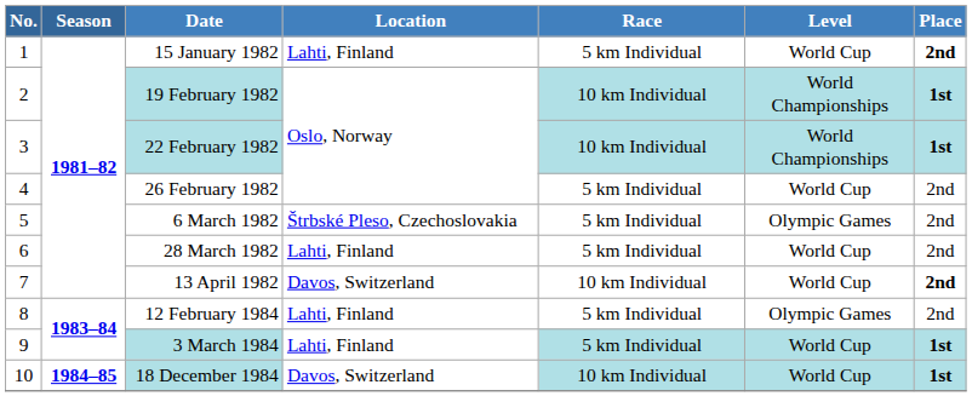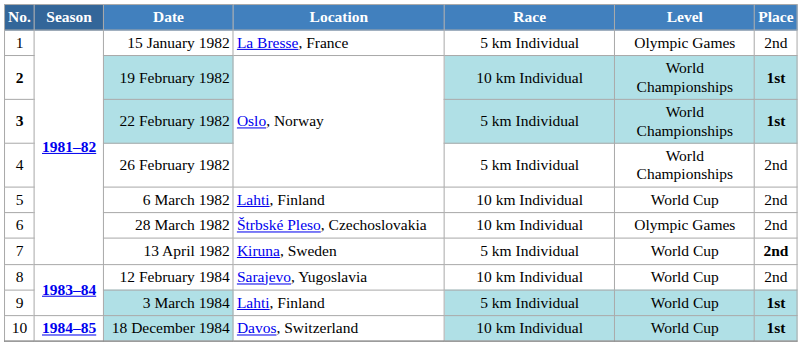 <table class="wikitable sortable" style="font-size:95%; text-align:center; border:grey solid 1px; border-collapse:collapse; background:#ffffff;">
 <tr style="background:#efefef;">
 <th style="background-color:#369; color:white;">No.</th>
 <th style="background-color:#369; color:white;">Season</th>
 <th style="background-color:#4180be; color:white; width:120px;">Date</th>
 <th style="background-color:#4180be; color:white; width:200px;">Location</th>
 <th style="background-color:#4180be; color:white; width:160px;">Race</th>
 <th style="background-color:#4180be; color:white; width:130px;">Level</th>
 <th style="background-color:#4180be; color:white;">Place</th>
 </tr>
 <tr>
 <td align=center>1</td>
 <td rowspan=7 align=center><strong> <a href='#'>1981–82</a> </strong></td>
 <td align=right>15 January 1982</td>
-<td align=left> <a href='#'>Lahti</a>, Finland</td>
+<td align=left> <a href='#'>La Bresse</a>, France</td>
 <td>5 km Individual</td>
-<td>World Cup</td>
-<td><strong>2nd</strong></td>
+<td>Olympic Games</td>
+<td>2nd</td>
 </tr>
 <tr>
-<td align=center>2</td>
+<td align=center><strong>2</strong></td>
 <td bgcolor="#BOEOE6" align=right>19 February 1982</td>
 <td rowspan=3 align=left> <a href='#'>Oslo</a>, Norway</td>
 <td bgcolor="#BOEOE6">10 km Individual</td>
 <td bgcolor="#BOEOE6">World Championships</td>
 <td bgcolor="#BOEOE6"><strong>1st</strong></td>
 </tr>
 <tr>
-<td align=center>3</td>
+<td align=center><strong>3</strong></td>
 <td bgcolor="#BOEOE6" align=right>22 February 1982</td>
-<td bgcolor="#BOEOE6">10 km Individual</td>
+<td bgcolor="#BOEOE6">5 km Individual</td>
 <td bgcolor="#BOEOE6">World Championships</td>
 <td bgcolor="#BOEOE6"><strong>1st</strong></td>
 </tr>
 <tr>
 <td align=center>4</td>
 <td align=right>26 February 1982</td>
 <td>5 km Individual</td>
-<td>World Cup</td>
+<td>World Championships</td>
 <td>2nd</td>
 </tr>
 <tr>
 <td align=center>5</td>
 <td align=right>6 March 1982</td>
-<td align=left> <a href='#'>Štrbské Pleso</a>, Czechoslovakia</td>
-<td>5 km Individual</td>
-<td>Olympic Games</td>
+<td align=left> <a href='#'>Lahti</a>, Finland</td>
+<td>10 km Individual</td>
+<td>World Cup</td>
 <td>2nd</td>
 </tr>
 <tr>
 <td align=center>6</td>
 <td align=right>28 March 1982</td>
-<td align=left> <a href='#'>Lahti</a>, Finland</td>
-<td>5 km Individual</td>
-<td>World Cup</td>
+<td align=left> <a href='#'>Štrbské Pleso</a>, Czechoslovakia</td>
+<td>10 km Individual</td>
+<td>Olympic Games</td>
 <td>2nd</td>
 </tr>
 <tr>
 <td align=center>7</td>
 <td align=right>13 April 1982</td>
-<td align=left> <a href='#'>Davos</a>, Switzerland</td>
-<td>10 km Individual</td>
+<td align=left> <a href='#'>Kiruna</a>, Sweden</td>
+<td>5 km Individual</td>
 <td>World Cup</td>
 <td><strong>2nd</strong></td>
 </tr>
 <tr>
 <td align=center>8</td>
 <td rowspan=2 align=center><strong> <a href='#'>1983–84</a> </strong></td>
 <td align=right>12 February 1984</td>
-<td align=left> <a href='#'>Lahti</a>, Finland</td>
-<td>5 km Individual</td>
-<td>Olympic Games</td>
+<td align=left> <a href='#'>Sarajevo</a>, Yugoslavia</td>
+<td>10 km Individual</td>
+<td>World Cup</td>
 <td>2nd</td>
 </tr>
 <tr>
 <td align=center>9</td>
 <td bgcolor="#BOEOE6" align=right>3 March 1984</td>
 <td align=left> <a href='#'>Lahti</a>, Finland</td>
 <td bgcolor="#BOEOE6">5 km Individual</td>
 <td bgcolor="#BOEOE6">World Cup</td>
 <td bgcolor="#BOEOE6"><strong>1st</strong></td>
 </tr>
 <tr>
 <td align=center>10</td>
 <td rowspan=1 align=center><strong><a href='#'>1984–85</a></strong></td>
 <td bgcolor="#BOEOE6" align=right>18 December 1984</td>
 <td align=left> <a href='#'>Davos</a>, Switzerland</td>
 <td bgcolor="#BOEOE6">10 km Individual</td>
 <td bgcolor="#BOEOE6">World Cup</td>
 <td bgcolor="#BOEOE6"><strong>1st</strong></td>
 </tr>
 <tr>
 </tr>
 </table>
